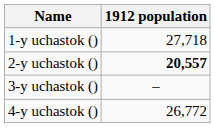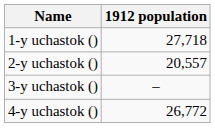 <table class="wikitable sortable">
 <tr>
 <th>Name</th>
 <th>1912 population</th>
 </tr>
 <tr>
 <td>1-y uchastok ()</td>
 <td align="right">27,718</td>
 </tr>
 <tr>
 <td>2-y uchastok ()</td>
-<td align="right"><strong>20,557</strong></td>
+<td align="right">20,557</td>
 </tr>
 <tr>
 <td>3-y uchastok ()</td>
 <td align="center">–</td>
 </tr>
 <tr>
 <td>4-y uchastok ()</td>
 <td align="right">26,772</td>
 </tr>
 </table>
